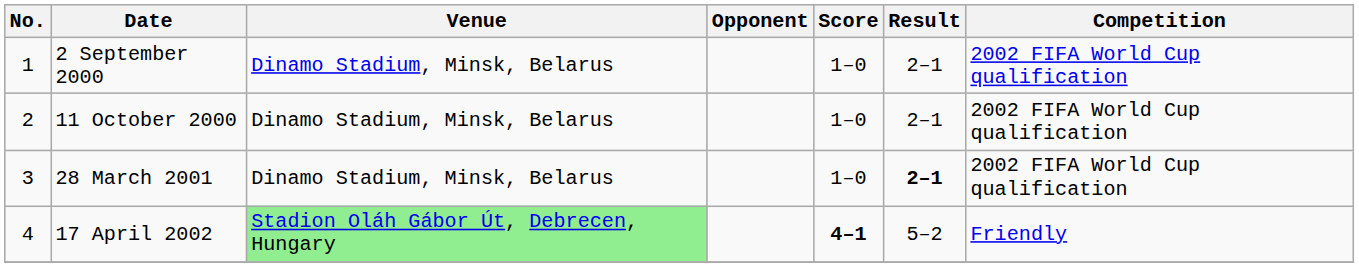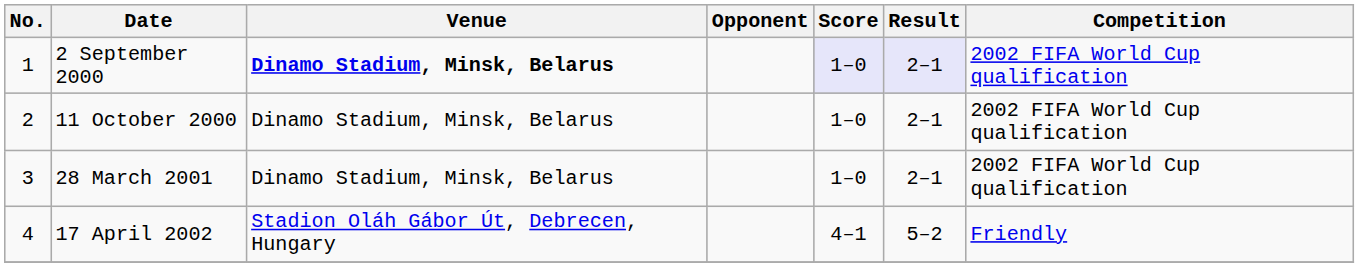 <table class="wikitable sortable">
 <tr>
 <th scope="col">No.</th>
 <th scope="col">Date</th>
 <th scope="col">Venue</th>
 <th scope="col">Opponent</th>
 <th scope="col">Score</th>
 <th scope="col">Result</th>
 <th scope="col">Competition</th>
 </tr>
 <tr>
 <td style="text-align:center">1</td>
 <td>2 September 2000</td>
-<td><a href='#'>Dinamo Stadium</a>, Minsk, Belarus</td>
+<td><strong><a href='#'>Dinamo Stadium</a>, Minsk, Belarus</strong></td>
 <td></td>
-<td style="text-align:center">1–0</td>
-<td style="text-align:center">2–1</td>
+<td style="background: lavender; text-align:center">1–0</td>
+<td style="background: lavender; text-align:center">2–1</td>
 <td><a href='#'>2002 FIFA World Cup qualification</a></td>
 </tr>
 <tr>
 <td style="text-align:center">2</td>
 <td>11 October 2000</td>
 <td>Dinamo Stadium, Minsk, Belarus</td>
 <td></td>
 <td style="text-align:center">1–0</td>
 <td style="text-align:center">2–1</td>
 <td>2002 FIFA World Cup qualification</td>
 </tr>
 <tr>
 <td style="text-align:center">3</td>
 <td>28 March 2001</td>
 <td>Dinamo Stadium, Minsk, Belarus</td>
 <td></td>
 <td style="text-align:center">1–0</td>
-<td style="text-align:center"><strong>2–1</strong></td>
+<td style="text-align:center">2–1</td>
 <td>2002 FIFA World Cup qualification</td>
 </tr>
 <tr>
 <td style="text-align:center">4</td>
 <td>17 April 2002</td>
-<td style="background: lightgreen;"><a href='#'>Stadion Oláh Gábor Út</a>, <a href='#'>Debrecen</a>, Hungary</td>
+<td><a href='#'>Stadion Oláh Gábor Út</a>, <a href='#'>Debrecen</a>, Hungary</td>
 <td></td>
-<td style="text-align:center"><strong>4–1</strong></td>
+<td style="text-align:center">4–1</td>
 <td style="text-align:center">5–2</td>
 <td><a href='#'>Friendly</a></td>
 </tr>
 <tr>
 </tr>
 </table>
